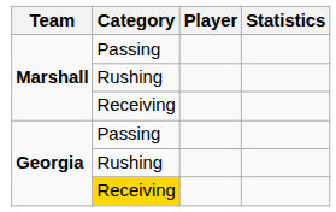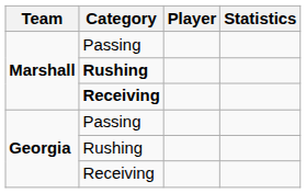 <table class="wikitable" style="float: right;">
 <tr>
 <th>Team</th>
 <th>Category</th>
 <th>Player</th>
 <th>Statistics</th>
 </tr>
 <tr>
 <td rowspan=3><strong>Marshall</strong></td>
 <td>Passing</td>
 <td></td>
 <td></td>
 </tr>
 <tr>
-<td>Rushing</td>
+<td><strong>Rushing</strong></td>
 <td></td>
 <td></td>
 </tr>
 <tr>
-<td>Receiving</td>
+<td><strong>Receiving</strong></td>
 <td></td>
 <td></td>
 </tr>
 <tr>
 <td rowspan=3><strong>Georgia</strong></td>
 <td>Passing</td>
 <td></td>
 <td></td>
 </tr>
 <tr>
 <td>Rushing</td>
 <td></td>
 <td></td>
 </tr>
 <tr>
-<td style="background: gold;">Receiving</td>
+<td>Receiving</td>
 <td></td>
 <td></td>
 </tr>
 </table>
